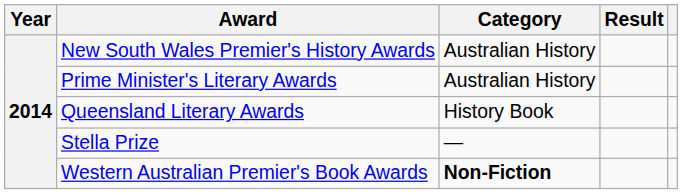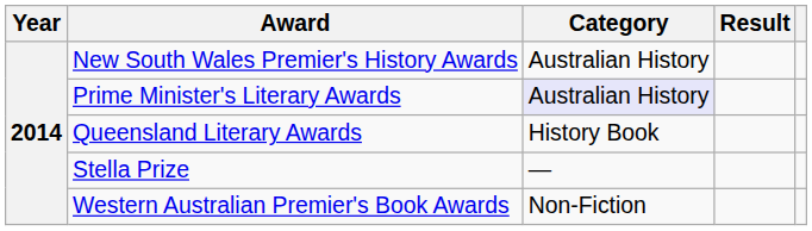 <table class="wikitable sortable">
 <tr>
 <th>Year</th>
 <th>Award</th>
 <th>Category</th>
 <th>Result</th>
 <th></th>
 </tr>
 <tr>
 <th rowspan="5">2014</th>
 <td><a href='#'>New South Wales Premier's History Awards</a></td>
 <td>Australian History</td>
 <td></td>
 <td></td>
 </tr>
 <tr>
 <td><a href='#'>Prime Minister's Literary Awards</a></td>
-<td>Australian History</td>
+<td style="background: lavender;">Australian History</td>
 <td></td>
 <td></td>
 </tr>
 <tr>
 <td><a href='#'>Queensland Literary Awards</a></td>
 <td>History Book</td>
 <td></td>
 <td></td>
 </tr>
 <tr>
 <td><a href='#'>Stella Prize</a></td>
 <td>—</td>
 <td></td>
 <td></td>
 </tr>
 <tr>
 <td><a href='#'>Western Australian Premier's Book Awards</a></td>
-<td><strong>Non-Fiction</strong></td>
+<td>Non-Fiction</td>
 <td></td>
 <td></td>
 </tr>
 </table>
